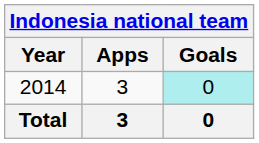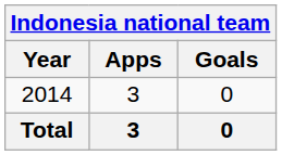 <table class="wikitable" style="text-align:center">
 <tr>
 <th colspan=3><a href='#'>Indonesia national team</a></th>
 </tr>
 <tr>
 <th>Year</th>
 <th>Apps</th>
 <th>Goals</th>
 </tr>
 <tr>
 <td>2014</td>
 <td>3</td>
-<td style="background: paleturquoise;">0</td>
+<td>0</td>
 </tr>
 <tr>
 <th>Total</th>
 <th>3</th>
 <th>0</th>
 </tr>
 </table>
